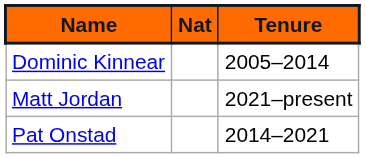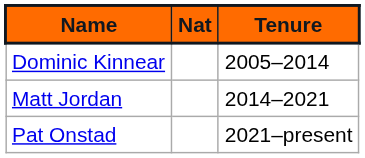 <table cellpadding="4" border="1" cellspacing="0"  style="margin:0.5em 1em 0.5em 0; LightSkyBlue:#ce1f41; border:1px #aaa solid; border-collapse:collapse; font-size:90%;">
 <tr style="background:#FF6B00; color:#101820; border:2px solid #101820;">
 <th>Name</th>
 <th>Nat</th>
 <th>Tenure</th>
 </tr>
 <tr>
 <td><a href='#'>Dominic Kinnear</a></td>
 <td></td>
 <td>2005–2014</td>
 </tr>
 <tr>
 <td><a href='#'>Matt Jordan</a></td>
 <td></td>
-<td>2021–present</td>
+<td>2014–2021</td>
 </tr>
 <tr>
 <td><a href='#'>Pat Onstad</a></td>
 <td></td>
-<td>2014–2021</td>
+<td>2021–present</td>
 </tr>
 </table>
